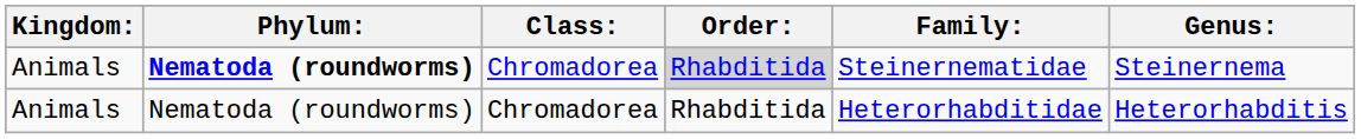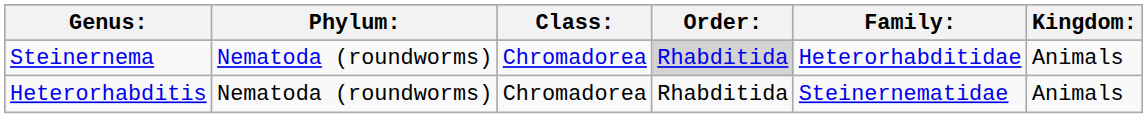 <table class="wikitable sortable">
 <tr>
-<th>Kingdom:</th>
+<th>Genus:</th>
 <th>Phylum:</th>
 <th>Class:</th>
 <th>Order:</th>
 <th>Family:</th>
-<th>Genus:</th>
+<th>Kingdom:</th>
 </tr>
 <tr>
-<td>Animals</td>
-<td><strong><a href='#'>Nematoda</a> (roundworms)</strong></td>
+<td><a href='#'>Steinernema</a></td>
+<td><a href='#'>Nematoda</a> (roundworms)</td>
 <td><a href='#'>Chromadorea</a></td>
 <td style="background: lightgrey;"><a href='#'>Rhabditida</a></td>
-<td><a href='#'>Steinernematidae</a></td>
-<td><a href='#'>Steinernema</a></td>
+<td><a href='#'>Heterorhabditidae</a></td>
+<td>Animals</td>
 </tr>
 <tr>
-<td>Animals</td>
+<td><a href='#'>Heterorhabditis</a></td>
 <td>Nematoda (roundworms)</td>
 <td>Chromadorea</td>
 <td>Rhabditida</td>
-<td><a href='#'>Heterorhabditidae</a></td>
-<td><a href='#'>Heterorhabditis</a></td>
+<td><a href='#'>Steinernematidae</a></td>
+<td>Animals</td>
 </tr>
 </table>
